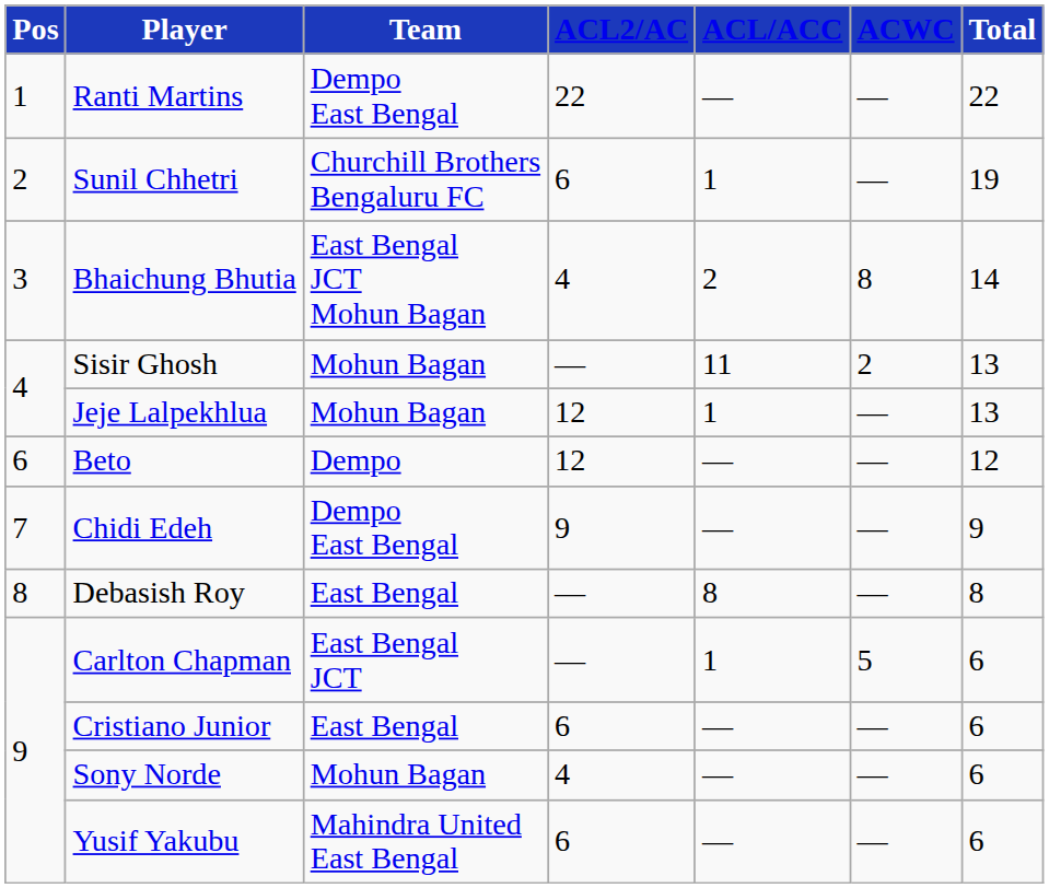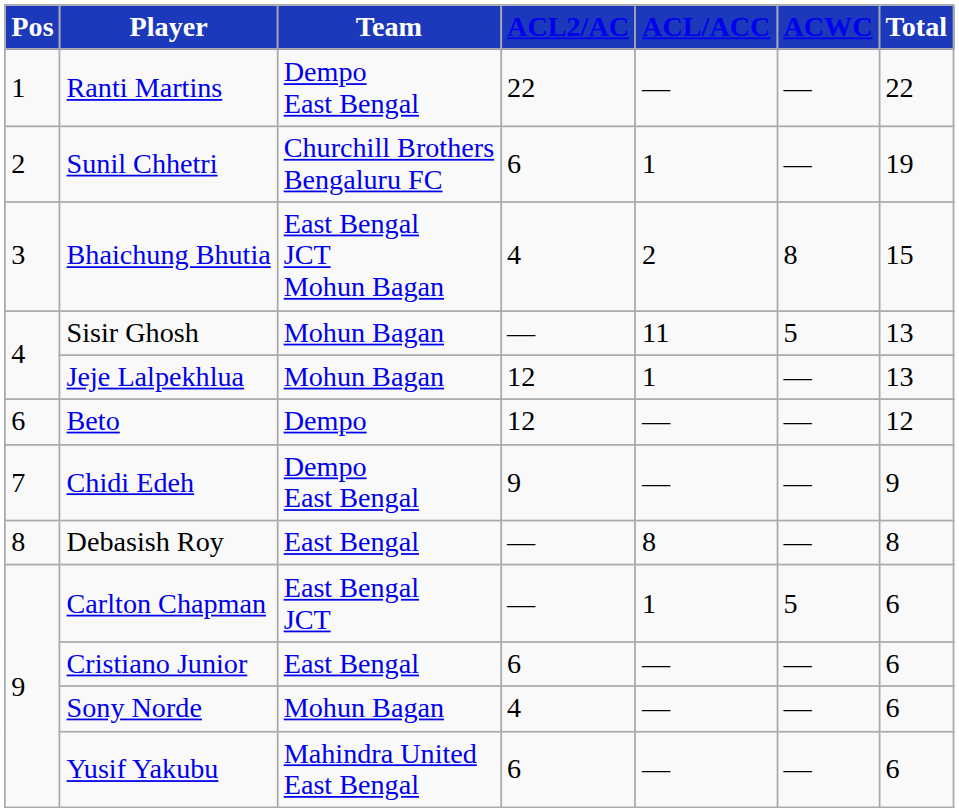 <table class="wikitable">
 <tr>
 <th style="background:#1C39BC; color:white; text-align:center;">Pos</th>
 <th style="background:#1C39BC; color:white; text-align:center;">Player</th>
 <th style="background:#1C39BC; color:white; text-align:center;">Team</th>
 <th style="background:#1C39BC; color:white; text-align:center;"><a href='#'>ACL2/AC</a></th>
 <th style="background:#1C39BC; color:white; text-align:center;"><a href='#'>ACL/ACC</a></th>
 <th style="background:#1C39BC; color:white; text-align:center;"><a href='#'>ACWC</a></th>
 <th style="background:#1C39BC; color:white; text-align:center;">Total</th>
 </tr>
 <tr>
 <td>1</td>
 <td> <a href='#'>Ranti Martins</a></td>
 <td><a href='#'>Dempo</a><br><a href='#'>East Bengal</a></td>
 <td>22<br>  </td>
 <td>—</td>
 <td>—</td>
 <td>22</td>
 </tr>
 <tr>
 <td rowspan=1>2</td>
 <td> <a href='#'>Sunil Chhetri</a></td>
 <td><a href='#'>Churchill Brothers</a><br><a href='#'>Bengaluru FC</a></td>
 <td>6</td>
 <td>1</td>
 <td>—</td>
 <td>19</td>
 </tr>
 <tr>
 <td rowspan=1>3</td>
 <td> <a href='#'>Bhaichung Bhutia</a></td>
 <td><a href='#'>East Bengal</a><br><a href='#'>JCT</a><br><a href='#'>Mohun Bagan</a></td>
 <td>4<br>  </td>
 <td>2</td>
 <td>8</td>
-<td>14</td>
+<td>15</td>
 </tr>
 <tr>
 <td rowspan=2>4</td>
 <td> Sisir Ghosh</td>
 <td><a href='#'>Mohun Bagan</a></td>
 <td>—</td>
 <td>11</td>
-<td>2</td>
+<td>5</td>
 <td>13</td>
 </tr>
 <tr>
 <td> <a href='#'>Jeje Lalpekhlua</a></td>
 <td><a href='#'>Mohun Bagan</a></td>
 <td>12<br></td>
 <td>1<br></td>
 <td>—</td>
 <td>13</td>
 </tr>
 <tr>
 <td>6</td>
 <td> <a href='#'>Beto</a></td>
 <td><a href='#'>Dempo</a></td>
 <td>12<br></td>
 <td>—</td>
 <td>—</td>
 <td>12</td>
 </tr>
 <tr>
 <td>7</td>
 <td> <a href='#'>Chidi Edeh</a></td>
 <td><a href='#'>Dempo</a><br><a href='#'>East Bengal</a></td>
 <td>9<br> </td>
 <td>—</td>
 <td>—</td>
 <td>9</td>
 </tr>
 <tr>
 <td>8</td>
 <td> Debasish Roy</td>
 <td><a href='#'>East Bengal</a></td>
 <td>—</td>
 <td>8</td>
 <td>—</td>
 <td>8</td>
 </tr>
 <tr>
 <td rowspan=4>9</td>
 <td> <a href='#'>Carlton Chapman</a></td>
 <td><a href='#'>East Bengal</a><br><a href='#'>JCT</a></td>
 <td>—</td>
 <td>1</td>
 <td>5</td>
 <td>6</td>
 </tr>
 <tr>
 <td> <a href='#'>Cristiano Junior</a></td>
 <td><a href='#'>East Bengal</a></td>
 <td>6<br></td>
 <td>—</td>
 <td>—</td>
 <td>6</td>
 </tr>
 <tr>
 <td> <a href='#'>Sony Norde</a></td>
 <td><a href='#'>Mohun Bagan</a></td>
 <td>4<br>  </td>
 <td>—</td>
 <td>—</td>
 <td>6</td>
 </tr>
 <tr>
 <td> <a href='#'>Yusif Yakubu</a></td>
 <td><a href='#'>Mahindra United</a><br><a href='#'>East Bengal</a></td>
 <td>6</td>
 <td>—</td>
 <td>—</td>
 <td>6</td>
 </tr>
 </table>
